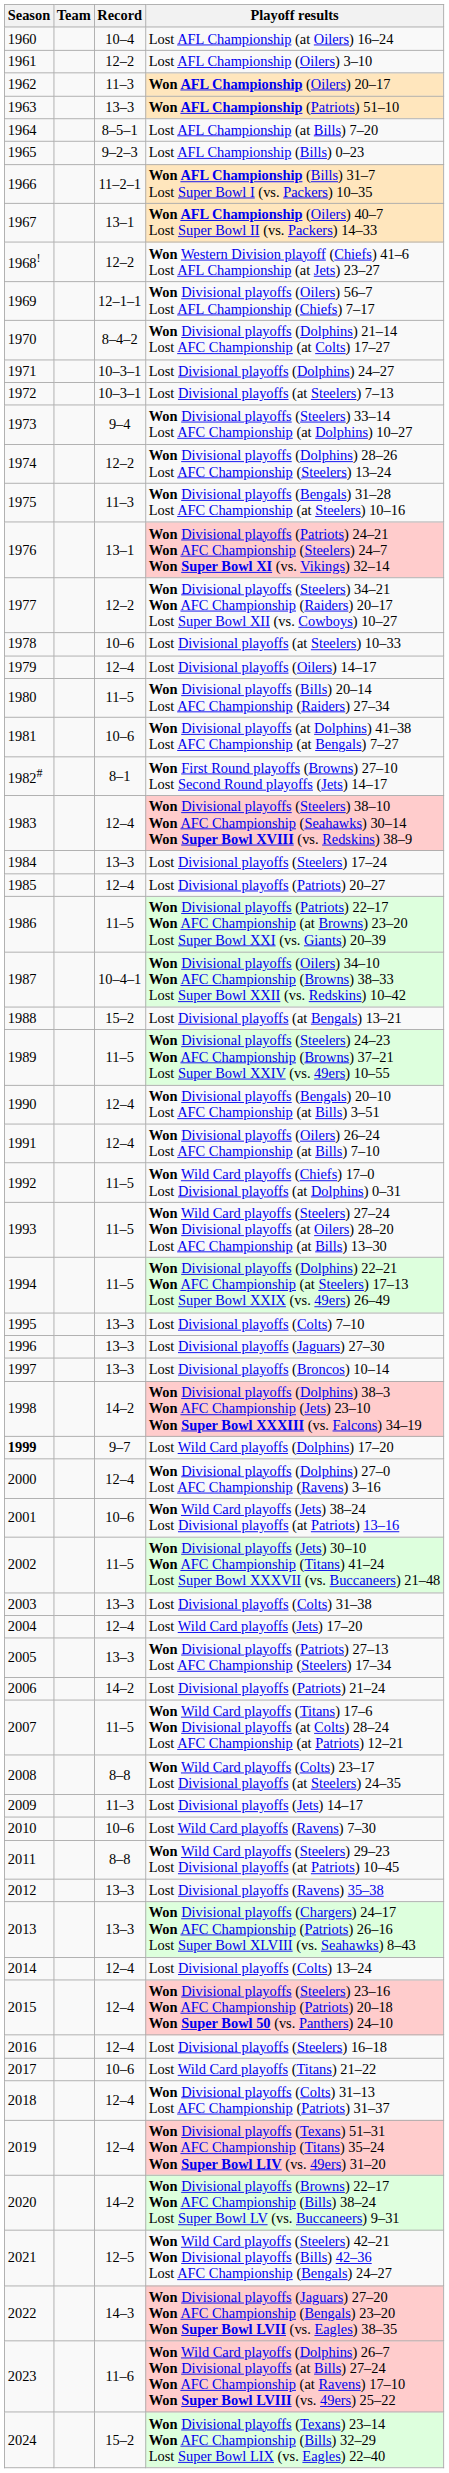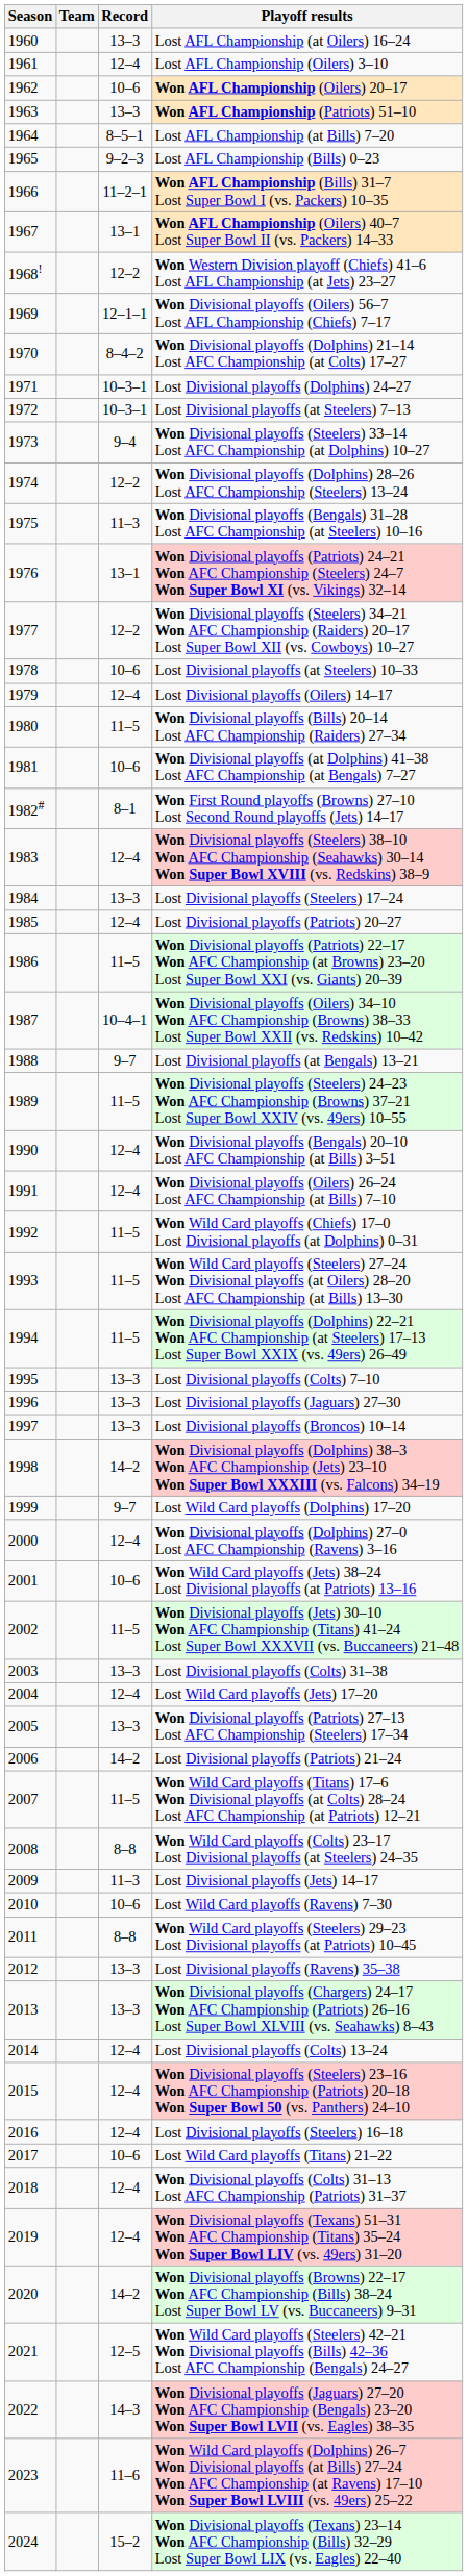 <table class="wikitable">
 <tr style="background: #efefef">
 <th>Season</th>
 <th>Team</th>
 <th>Record</th>
 <th>Playoff results</th>
 </tr>
 <tr>
 <td>1960</td>
 <td><strong><a href='#'></a></strong></td>
-<td align="center">10–4</td>
+<td align="center">13–3</td>
 <td>Lost <a href='#'>AFL Championship</a> (at <a href='#'>Oilers</a>) 16–24</td>
 </tr>
 <tr>
 <td>1961</td>
 <td><strong><a href='#'></a></strong></td>
-<td align="center">12–2</td>
+<td align="center">12–4</td>
 <td>Lost <a href='#'>AFL Championship</a> (<a href='#'>Oilers</a>) 3–10</td>
 </tr>
 <tr>
 <td>1962</td>
 <td><strong><a href='#'></a></strong></td>
-<td align="center">11–3</td>
+<td align="center">10–6</td>
 <td bgcolor="#FFE6BD"><strong>Won <a href='#'>AFL Championship</a></strong> (<a href='#'>Oilers</a>) 20–17 </td>
 </tr>
 <tr>
 <td>1963</td>
 <td><strong><a href='#'></a></strong></td>
 <td align="center">13–3</td>
 <td bgcolor="#FFE6BD"><strong>Won <a href='#'>AFL Championship</a></strong>  (<a href='#'>Patriots</a>) 51–10</td>
 </tr>
 <tr>
 <td>1964</td>
 <td><strong><a href='#'></a></strong></td>
 <td align="center">8–5–1</td>
 <td>Lost <a href='#'>AFL Championship</a> (at <a href='#'>Bills</a>) 7–20</td>
 </tr>
 <tr>
 <td>1965</td>
 <td><strong><a href='#'></a></strong></td>
 <td align="center">9–2–3</td>
 <td>Lost <a href='#'>AFL Championship</a> (<a href='#'>Bills</a>) 0–23</td>
 </tr>
 <tr>
 <td>1966</td>
 <td><strong><a href='#'></a></strong></td>
 <td align="center">11–2–1</td>
 <td bgcolor="#FFE6BD"><strong>Won <a href='#'>AFL Championship</a></strong> (<a href='#'>Bills</a>) 31–7<br>Lost <a href='#'>Super Bowl I</a> (vs. <a href='#'>Packers</a>) 10–35</td>
 </tr>
 <tr>
 <td>1967</td>
 <td><strong><a href='#'></a></strong></td>
 <td align="center">13–1</td>
 <td bgcolor="#FFE6BD"><strong>Won <a href='#'>AFL Championship</a></strong> (<a href='#'>Oilers</a>) 40–7<br>Lost <a href='#'>Super Bowl II</a> (vs. <a href='#'>Packers</a>) 14–33</td>
 </tr>
 <tr>
 <td>1968<sup>!</sup></td>
 <td><strong><a href='#'></a></strong></td>
 <td align="center">12–2</td>
 <td><strong>Won</strong> <a href='#'>Western Division playoff</a> (<a href='#'>Chiefs</a>) 41–6<br>Lost <a href='#'>AFL Championship</a> (at <a href='#'>Jets</a>) 23–27</td>
 </tr>
 <tr>
 <td>1969</td>
 <td><strong><a href='#'></a></strong></td>
 <td align="center">12–1–1</td>
 <td><strong>Won</strong> <a href='#'>Divisional playoffs</a> (<a href='#'>Oilers</a>) 56–7<br>Lost <a href='#'>AFL Championship</a> (<a href='#'>Chiefs</a>) 7–17</td>
 </tr>
 <tr>
 <td>1970</td>
 <td><strong><a href='#'></a></strong></td>
 <td align="center">8–4–2</td>
 <td><strong>Won</strong> <a href='#'>Divisional playoffs</a> (<a href='#'>Dolphins</a>) 21–14<br>Lost <a href='#'>AFC Championship</a> (at <a href='#'>Colts</a>) 17–27</td>
 </tr>
 <tr>
 <td>1971</td>
 <td><strong><a href='#'></a></strong></td>
 <td align="center">10–3–1</td>
 <td>Lost <a href='#'>Divisional playoffs</a> (<a href='#'>Dolphins</a>) 24–27 </td>
 </tr>
 <tr>
 <td>1972</td>
 <td><strong><a href='#'></a></strong></td>
 <td align="center">10–3–1</td>
 <td>Lost <a href='#'>Divisional playoffs</a> (at <a href='#'>Steelers</a>) 7–13</td>
 </tr>
 <tr>
 <td>1973</td>
 <td><strong><a href='#'></a></strong></td>
 <td align="center">9–4</td>
 <td><strong>Won</strong> <a href='#'>Divisional playoffs</a> (<a href='#'>Steelers</a>) 33–14<br>Lost <a href='#'>AFC Championship</a> (at <a href='#'>Dolphins</a>) 10–27</td>
 </tr>
 <tr>
 <td>1974</td>
 <td><strong><a href='#'></a></strong></td>
 <td align="center">12–2</td>
 <td><strong>Won</strong> <a href='#'>Divisional playoffs</a> (<a href='#'>Dolphins</a>) 28–26<br>Lost <a href='#'>AFC Championship</a> (<a href='#'>Steelers</a>) 13–24</td>
 </tr>
 <tr>
 <td>1975</td>
 <td><strong><a href='#'></a></strong></td>
 <td align="center">11–3</td>
 <td><strong>Won</strong> <a href='#'>Divisional playoffs</a> (<a href='#'>Bengals</a>) 31–28<br>Lost <a href='#'>AFC Championship</a> (at <a href='#'>Steelers</a>) 10–16</td>
 </tr>
 <tr>
 <td>1976</td>
 <td><strong><a href='#'></a></strong></td>
 <td align="center">13–1</td>
 <td style="background: #FFCCCC;" valign="top"><strong>Won</strong> <a href='#'>Divisional playoffs</a> (<a href='#'>Patriots</a>) 24–21<br><strong>Won</strong> <a href='#'>AFC Championship</a> (<a href='#'>Steelers</a>) 24–7<br><strong>Won <a href='#'>Super Bowl XI</a></strong> (vs. <a href='#'>Vikings</a>) 32–14</td>
 </tr>
 <tr>
 <td>1977</td>
 <td><strong><a href='#'></a></strong></td>
 <td align="center">12–2</td>
 <td><strong>Won</strong> <a href='#'>Divisional playoffs</a> (<a href='#'>Steelers</a>) 34–21 <br><strong>Won</strong> <a href='#'>AFC Championship</a> (<a href='#'>Raiders</a>) 20–17<br>Lost <a href='#'>Super Bowl XII</a> (vs. <a href='#'>Cowboys</a>) 10–27</td>
 </tr>
 <tr>
 <td>1978</td>
 <td><strong><a href='#'></a></strong></td>
 <td align="center">10–6</td>
 <td>Lost <a href='#'>Divisional playoffs</a> (at <a href='#'>Steelers</a>) 10–33</td>
 </tr>
 <tr>
 <td>1979</td>
 <td><strong><a href='#'></a></strong></td>
 <td align="center">12–4</td>
 <td>Lost <a href='#'>Divisional playoffs</a> (<a href='#'>Oilers</a>) 14–17</td>
 </tr>
 <tr>
 <td>1980</td>
 <td><strong><a href='#'></a></strong></td>
 <td align="center">11–5</td>
 <td><strong>Won</strong> <a href='#'>Divisional playoffs</a> (<a href='#'>Bills</a>) 20–14<br>Lost <a href='#'>AFC Championship</a> (<a href='#'>Raiders</a>) 27–34</td>
 </tr>
 <tr>
 <td>1981</td>
 <td><strong><a href='#'></a></strong></td>
 <td align="center">10–6</td>
 <td><strong>Won</strong> <a href='#'>Divisional playoffs</a> (at <a href='#'>Dolphins</a>) 41–38 <br>Lost <a href='#'>AFC Championship</a> (at <a href='#'>Bengals</a>) 7–27</td>
 </tr>
 <tr>
 <td>1982<sup>#</sup></td>
 <td><strong><a href='#'></a></strong></td>
 <td align="center">8–1</td>
 <td><strong>Won</strong> <a href='#'>First Round playoffs</a> (<a href='#'>Browns</a>) 27–10<br>Lost <a href='#'>Second Round playoffs</a> (<a href='#'>Jets</a>) 14–17</td>
 </tr>
 <tr>
 <td>1983</td>
 <td><strong><a href='#'></a></strong></td>
 <td align="center">12–4</td>
 <td style="background: #FFCCCC;" valign="top"><strong>Won</strong> <a href='#'>Divisional playoffs</a> (<a href='#'>Steelers</a>) 38–10<br><strong>Won</strong> <a href='#'>AFC Championship</a> (<a href='#'>Seahawks</a>) 30–14<br><strong>Won <a href='#'>Super Bowl XVIII</a></strong> (vs. <a href='#'>Redskins</a>) 38–9</td>
 </tr>
 <tr>
 <td>1984</td>
 <td><strong><a href='#'></a></strong></td>
 <td align="center">13–3</td>
 <td>Lost <a href='#'>Divisional playoffs</a> (<a href='#'>Steelers</a>) 17–24</td>
 </tr>
 <tr>
 <td>1985</td>
 <td><strong><a href='#'></a></strong></td>
 <td align="center">12–4</td>
 <td>Lost <a href='#'>Divisional playoffs</a> (<a href='#'>Patriots</a>) 20–27</td>
 </tr>
 <tr>
 <td>1986</td>
 <td><strong><a href='#'></a></strong></td>
 <td align="center">11–5</td>
 <td bgcolor="#DDFFDD"><strong>Won</strong> <a href='#'>Divisional playoffs</a> (<a href='#'>Patriots</a>) 22–17<br><strong>Won</strong> <a href='#'>AFC Championship</a> (at <a href='#'>Browns</a>) 23–20 <br>Lost <a href='#'>Super Bowl XXI</a> (vs. <a href='#'>Giants</a>) 20–39</td>
 </tr>
 <tr>
 <td>1987</td>
 <td><strong><a href='#'></a></strong></td>
 <td align="center">10–4–1</td>
 <td bgcolor="#DDFFDD"><strong>Won</strong> <a href='#'>Divisional playoffs</a> (<a href='#'>Oilers</a>) 34–10<br><strong>Won</strong> <a href='#'>AFC Championship</a> (<a href='#'>Browns</a>) 38–33<br>Lost <a href='#'>Super Bowl XXII</a> (vs. <a href='#'>Redskins</a>) 10–42</td>
 </tr>
 <tr>
 <td>1988</td>
 <td><strong><a href='#'></a></strong></td>
-<td align="center">15–2</td>
+<td align="center">9–7</td>
 <td>Lost <a href='#'>Divisional playoffs</a> (at <a href='#'>Bengals</a>) 13–21</td>
 </tr>
 <tr>
 <td>1989</td>
 <td><strong><a href='#'></a></strong></td>
 <td align="center">11–5</td>
 <td bgcolor="#DDFFDD"><strong>Won</strong> <a href='#'>Divisional playoffs</a> (<a href='#'>Steelers</a>) 24–23<br><strong>Won</strong> <a href='#'>AFC Championship</a> (<a href='#'>Browns</a>) 37–21<br>Lost <a href='#'>Super Bowl XXIV</a> (vs. <a href='#'>49ers</a>) 10–55</td>
 </tr>
 <tr>
 <td>1990</td>
 <td><strong><a href='#'></a></strong></td>
 <td align="center">12–4</td>
 <td><strong>Won</strong> <a href='#'>Divisional playoffs</a> (<a href='#'>Bengals</a>) 20–10<br>Lost <a href='#'>AFC Championship</a> (at <a href='#'>Bills</a>) 3–51</td>
 </tr>
 <tr>
 <td>1991</td>
 <td><strong><a href='#'></a></strong></td>
 <td align="center">12–4</td>
 <td><strong>Won</strong> <a href='#'>Divisional playoffs</a> (<a href='#'>Oilers</a>) 26–24<br>Lost <a href='#'>AFC Championship</a> (at <a href='#'>Bills</a>) 7–10</td>
 </tr>
 <tr>
 <td>1992</td>
 <td><strong><a href='#'></a></strong></td>
 <td align="center">11–5</td>
 <td><strong>Won</strong> <a href='#'>Wild Card playoffs</a> (<a href='#'>Chiefs</a>) 17–0<br>Lost <a href='#'>Divisional playoffs</a> (at <a href='#'>Dolphins</a>) 0–31</td>
 </tr>
 <tr>
 <td>1993</td>
 <td><strong><a href='#'></a></strong></td>
 <td align="center">11–5</td>
 <td><strong>Won</strong> <a href='#'>Wild Card playoffs</a> (<a href='#'>Steelers</a>) 27–24 <br><strong>Won</strong> <a href='#'>Divisional playoffs</a> (at <a href='#'>Oilers</a>) 28–20<br>Lost <a href='#'>AFC Championship</a> (at <a href='#'>Bills</a>) 13–30</td>
 </tr>
 <tr>
 <td>1994</td>
 <td><strong><a href='#'></a></strong></td>
 <td align="center">11–5</td>
 <td bgcolor="#DDFFDD"><strong>Won</strong> <a href='#'>Divisional playoffs</a> (<a href='#'>Dolphins</a>) 22–21<br><strong>Won</strong> <a href='#'>AFC Championship</a> (at <a href='#'>Steelers</a>) 17–13<br>Lost <a href='#'>Super Bowl XXIX</a> (vs. <a href='#'>49ers</a>) 26–49</td>
 </tr>
 <tr>
 <td>1995</td>
 <td><strong><a href='#'></a></strong></td>
 <td align="center">13–3</td>
 <td>Lost <a href='#'>Divisional playoffs</a> (<a href='#'>Colts</a>) 7–10</td>
 </tr>
 <tr>
 <td>1996</td>
 <td><strong><a href='#'></a></strong></td>
 <td align="center">13–3</td>
 <td>Lost <a href='#'>Divisional playoffs</a> (<a href='#'>Jaguars</a>) 27–30</td>
 </tr>
 <tr>
 <td>1997</td>
 <td><strong><a href='#'></a></strong></td>
 <td align="center">13–3</td>
 <td>Lost <a href='#'>Divisional playoffs</a> (<a href='#'>Broncos</a>) 10–14</td>
 </tr>
 <tr>
 <td>1998</td>
 <td><strong><a href='#'></a></strong></td>
 <td align="center">14–2</td>
 <td style="background: #FFCCCC;" align="top"><strong>Won</strong> <a href='#'>Divisional playoffs</a> (<a href='#'>Dolphins</a>) 38–3<br><strong>Won</strong> <a href='#'>AFC Championship</a> (<a href='#'>Jets</a>) 23–10<br><strong>Won <a href='#'>Super Bowl XXXIII</a></strong> (vs. <a href='#'>Falcons</a>) 34–19</td>
 </tr>
 <tr>
-<td><strong>1999</strong></td>
+<td>1999</td>
 <td><strong><a href='#'></a></strong></td>
 <td align="center">9–7</td>
 <td>Lost <a href='#'>Wild Card playoffs</a> (<a href='#'>Dolphins</a>) 17–20</td>
 </tr>
 <tr>
 <td>2000</td>
 <td><strong><a href='#'></a></strong></td>
 <td align="center">12–4</td>
 <td><strong>Won</strong> <a href='#'>Divisional playoffs</a> (<a href='#'>Dolphins</a>) 27–0<br>Lost <a href='#'>AFC Championship</a> (<a href='#'>Ravens</a>) 3–16</td>
 </tr>
 <tr>
 <td>2001</td>
 <td><strong><a href='#'></a></strong></td>
 <td align="center">10–6</td>
 <td><strong>Won</strong> <a href='#'>Wild Card playoffs</a> (<a href='#'>Jets</a>) 38–24<br>Lost <a href='#'>Divisional playoffs</a> (at <a href='#'>Patriots</a>) <a href='#'>13–16 </a></td>
 </tr>
 <tr>
 <td>2002</td>
 <td><strong><a href='#'></a></strong></td>
 <td align="center">11–5</td>
 <td bgcolor="#DDFFDD"><strong>Won</strong> <a href='#'>Divisional playoffs</a> (<a href='#'>Jets</a>) 30–10<br><strong>Won</strong> <a href='#'>AFC Championship</a> (<a href='#'>Titans</a>) 41–24<br>Lost <a href='#'>Super Bowl XXXVII</a> (vs. <a href='#'>Buccaneers</a>) 21–48</td>
 </tr>
 <tr>
 <td>2003</td>
 <td><strong><a href='#'></a></strong></td>
 <td align="center">13–3</td>
 <td>Lost <a href='#'>Divisional playoffs</a> (<a href='#'>Colts</a>) 31–38</td>
 </tr>
 <tr>
 <td>2004</td>
 <td><strong><a href='#'></a></strong></td>
 <td align="center">12–4</td>
 <td>Lost <a href='#'>Wild Card playoffs</a> (<a href='#'>Jets</a>) 17–20 </td>
 </tr>
 <tr>
 <td>2005</td>
 <td><strong><a href='#'></a></strong></td>
 <td align="center">13–3</td>
 <td><strong>Won</strong> <a href='#'>Divisional playoffs</a> (<a href='#'>Patriots</a>) 27–13<br>Lost <a href='#'>AFC Championship</a>  (<a href='#'>Steelers</a>) 17–34</td>
 </tr>
 <tr>
 <td>2006</td>
 <td><strong><a href='#'></a></strong></td>
 <td align="center">14–2</td>
 <td>Lost <a href='#'>Divisional playoffs</a> (<a href='#'>Patriots</a>) 21–24</td>
 </tr>
 <tr>
 <td>2007</td>
 <td><strong><a href='#'></a></strong></td>
 <td align="center">11–5</td>
 <td><strong>Won</strong> <a href='#'>Wild Card playoffs</a> (<a href='#'>Titans</a>) 17–6<br><strong>Won</strong> <a href='#'>Divisional playoffs</a> (at <a href='#'>Colts</a>) 28–24<br>Lost <a href='#'>AFC Championship</a> (at <a href='#'>Patriots</a>) 12–21</td>
 </tr>
 <tr>
 <td>2008</td>
 <td><strong><a href='#'></a></strong></td>
 <td align="center">8–8</td>
 <td><strong>Won</strong> <a href='#'>Wild Card playoffs</a> (<a href='#'>Colts</a>) 23–17 <br>Lost <a href='#'>Divisional playoffs</a> (at <a href='#'>Steelers</a>) 24–35</td>
 </tr>
 <tr>
 <td>2009</td>
 <td><strong><a href='#'></a></strong></td>
 <td align="center">11–3</td>
 <td>Lost <a href='#'>Divisional playoffs</a> (<a href='#'>Jets</a>) 14–17</td>
 </tr>
 <tr>
 <td>2010</td>
 <td><strong><a href='#'></a></strong></td>
 <td align="center">10–6</td>
 <td>Lost <a href='#'>Wild Card playoffs</a> (<a href='#'>Ravens</a>) 7–30</td>
 </tr>
 <tr>
 <td>2011</td>
 <td><strong><a href='#'></a></strong></td>
 <td align="center">8–8</td>
 <td><strong>Won</strong> <a href='#'>Wild Card playoffs</a> (<a href='#'>Steelers</a>) 29–23 <br>Lost <a href='#'>Divisional playoffs</a> (at <a href='#'>Patriots</a>) 10–45</td>
 </tr>
 <tr>
 <td>2012</td>
 <td><strong><a href='#'></a></strong></td>
 <td align="center">13–3</td>
 <td>Lost <a href='#'>Divisional playoffs</a> (<a href='#'>Ravens</a>) <a href='#'>35–38 </a></td>
 </tr>
 <tr>
 <td>2013</td>
 <td><strong><a href='#'></a></strong></td>
 <td align="center">13–3</td>
 <td bgcolor="#DDFFDD"><strong>Won</strong> <a href='#'>Divisional playoffs</a> (<a href='#'>Chargers</a>) 24–17<br><strong>Won</strong> <a href='#'>AFC Championship</a> (<a href='#'>Patriots</a>) 26–16<br>Lost <a href='#'>Super Bowl XLVIII</a> (vs. <a href='#'>Seahawks</a>) 8–43</td>
 </tr>
 <tr>
 <td>2014</td>
 <td><strong><a href='#'></a></strong></td>
 <td align="center">12–4</td>
 <td>Lost <a href='#'>Divisional playoffs</a> (<a href='#'>Colts</a>) 13–24</td>
 </tr>
 <tr>
 <td>2015</td>
 <td><strong><a href='#'></a></strong></td>
 <td align="center">12–4</td>
 <td style="background: #FFCCCC;" valign="top"><strong>Won</strong> <a href='#'>Divisional playoffs</a> (<a href='#'>Steelers</a>) 23–16<br><strong>Won</strong> <a href='#'>AFC Championship</a> (<a href='#'>Patriots</a>) 20–18<br><strong>Won <a href='#'>Super Bowl 50</a></strong> (vs. <a href='#'>Panthers</a>) 24–10</td>
 </tr>
 <tr>
 <td>2016</td>
 <td><strong><a href='#'></a></strong></td>
 <td align="center">12–4</td>
 <td>Lost <a href='#'>Divisional playoffs</a> (<a href='#'>Steelers</a>) 16–18</td>
 </tr>
 <tr>
 <td>2017</td>
 <td><strong><a href='#'></a></strong></td>
 <td align="center">10–6</td>
 <td>Lost <a href='#'>Wild Card playoffs</a> (<a href='#'>Titans</a>) 21–22</td>
 </tr>
 <tr>
 <td>2018</td>
 <td><strong><a href='#'></a></strong></td>
 <td align="center">12–4</td>
 <td><strong>Won</strong> <a href='#'>Divisional playoffs</a> (<a href='#'>Colts</a>) 31–13 <br>Lost <a href='#'>AFC Championship</a> (<a href='#'>Patriots</a>) 31–37 </td>
 </tr>
 <tr>
 <td>2019</td>
 <td><strong><a href='#'></a></strong></td>
 <td align="center">12–4</td>
 <td style="background: #FFCCCC;" valign="top"><strong>Won</strong> <a href='#'>Divisional playoffs</a> (<a href='#'>Texans</a>) 51–31 <br><strong>Won</strong> <a href='#'>AFC Championship</a> (<a href='#'>Titans</a>) 35–24 <br><strong>Won <a href='#'>Super Bowl LIV</a></strong> (vs. <a href='#'>49ers</a>) 31–20</td>
 </tr>
 <tr>
 <td>2020</td>
 <td><strong><a href='#'></a></strong></td>
 <td align="center">14–2</td>
 <td bgcolor="#DDFFDD"><strong>Won</strong> <a href='#'>Divisional playoffs</a> (<a href='#'>Browns</a>) 22–17 <br><strong>Won</strong> <a href='#'>AFC Championship</a> (<a href='#'>Bills</a>) 38–24 <br>Lost <a href='#'>Super Bowl LV</a> (vs. <a href='#'>Buccaneers</a>) 9–31</td>
 </tr>
 <tr>
 <td>2021</td>
 <td><strong><a href='#'></a></strong></td>
 <td align="center">12–5</td>
 <td><strong>Won</strong> <a href='#'>Wild Card playoffs</a> (<a href='#'>Steelers</a>) 42–21 <br><strong>Won</strong> <a href='#'>Divisional playoffs</a> (<a href='#'>Bills</a>) <a href='#'>42–36 </a> <br>Lost <a href='#'>AFC Championship</a> (<a href='#'>Bengals</a>) 24–27 </td>
 </tr>
 <tr>
 <td>2022</td>
 <td><strong><a href='#'></a></strong></td>
 <td align="center">14–3</td>
 <td bgcolor="#FFCCCC"><strong>Won</strong> <a href='#'>Divisional playoffs</a> (<a href='#'>Jaguars</a>) 27–20 <br><strong>Won</strong> <a href='#'>AFC Championship</a> (<a href='#'>Bengals</a>) 23–20 <br><strong>Won <a href='#'>Super Bowl LVII</a></strong> (vs. <a href='#'>Eagles</a>) 38–35</td>
 </tr>
 <tr>
 <td>2023</td>
 <td><strong><a href='#'></a></strong></td>
 <td align="center">11–6</td>
 <td style="background: #FFCCCC;" valign="top"><strong>Won</strong> <a href='#'>Wild Card playoffs</a> (<a href='#'>Dolphins</a>) 26–7 <br><strong>Won</strong> <a href='#'>Divisional playoffs</a> (at <a href='#'>Bills</a>) 27–24 <br><strong>Won</strong> <a href='#'>AFC Championship</a> (at <a href='#'>Ravens</a>) 17–10 <br><strong>Won <a href='#'>Super Bowl LVIII</a></strong> (vs. <a href='#'>49ers</a>) 25–22 </td>
 </tr>
 <tr>
 <td>2024</td>
 <td><strong><a href='#'></a></strong></td>
 <td align="center">15–2</td>
 <td bgcolor="#DDFFDD"><strong>Won</strong> <a href='#'>Divisional playoffs</a> (<a href='#'>Texans</a>) 23–14<br><strong>Won</strong> <a href='#'>AFC Championship</a> (<a href='#'>Bills</a>) 32–29<br>Lost <a href='#'>Super Bowl LIX</a> (vs. <a href='#'>Eagles</a>) 22–40</td>
 </tr>
 </table>
